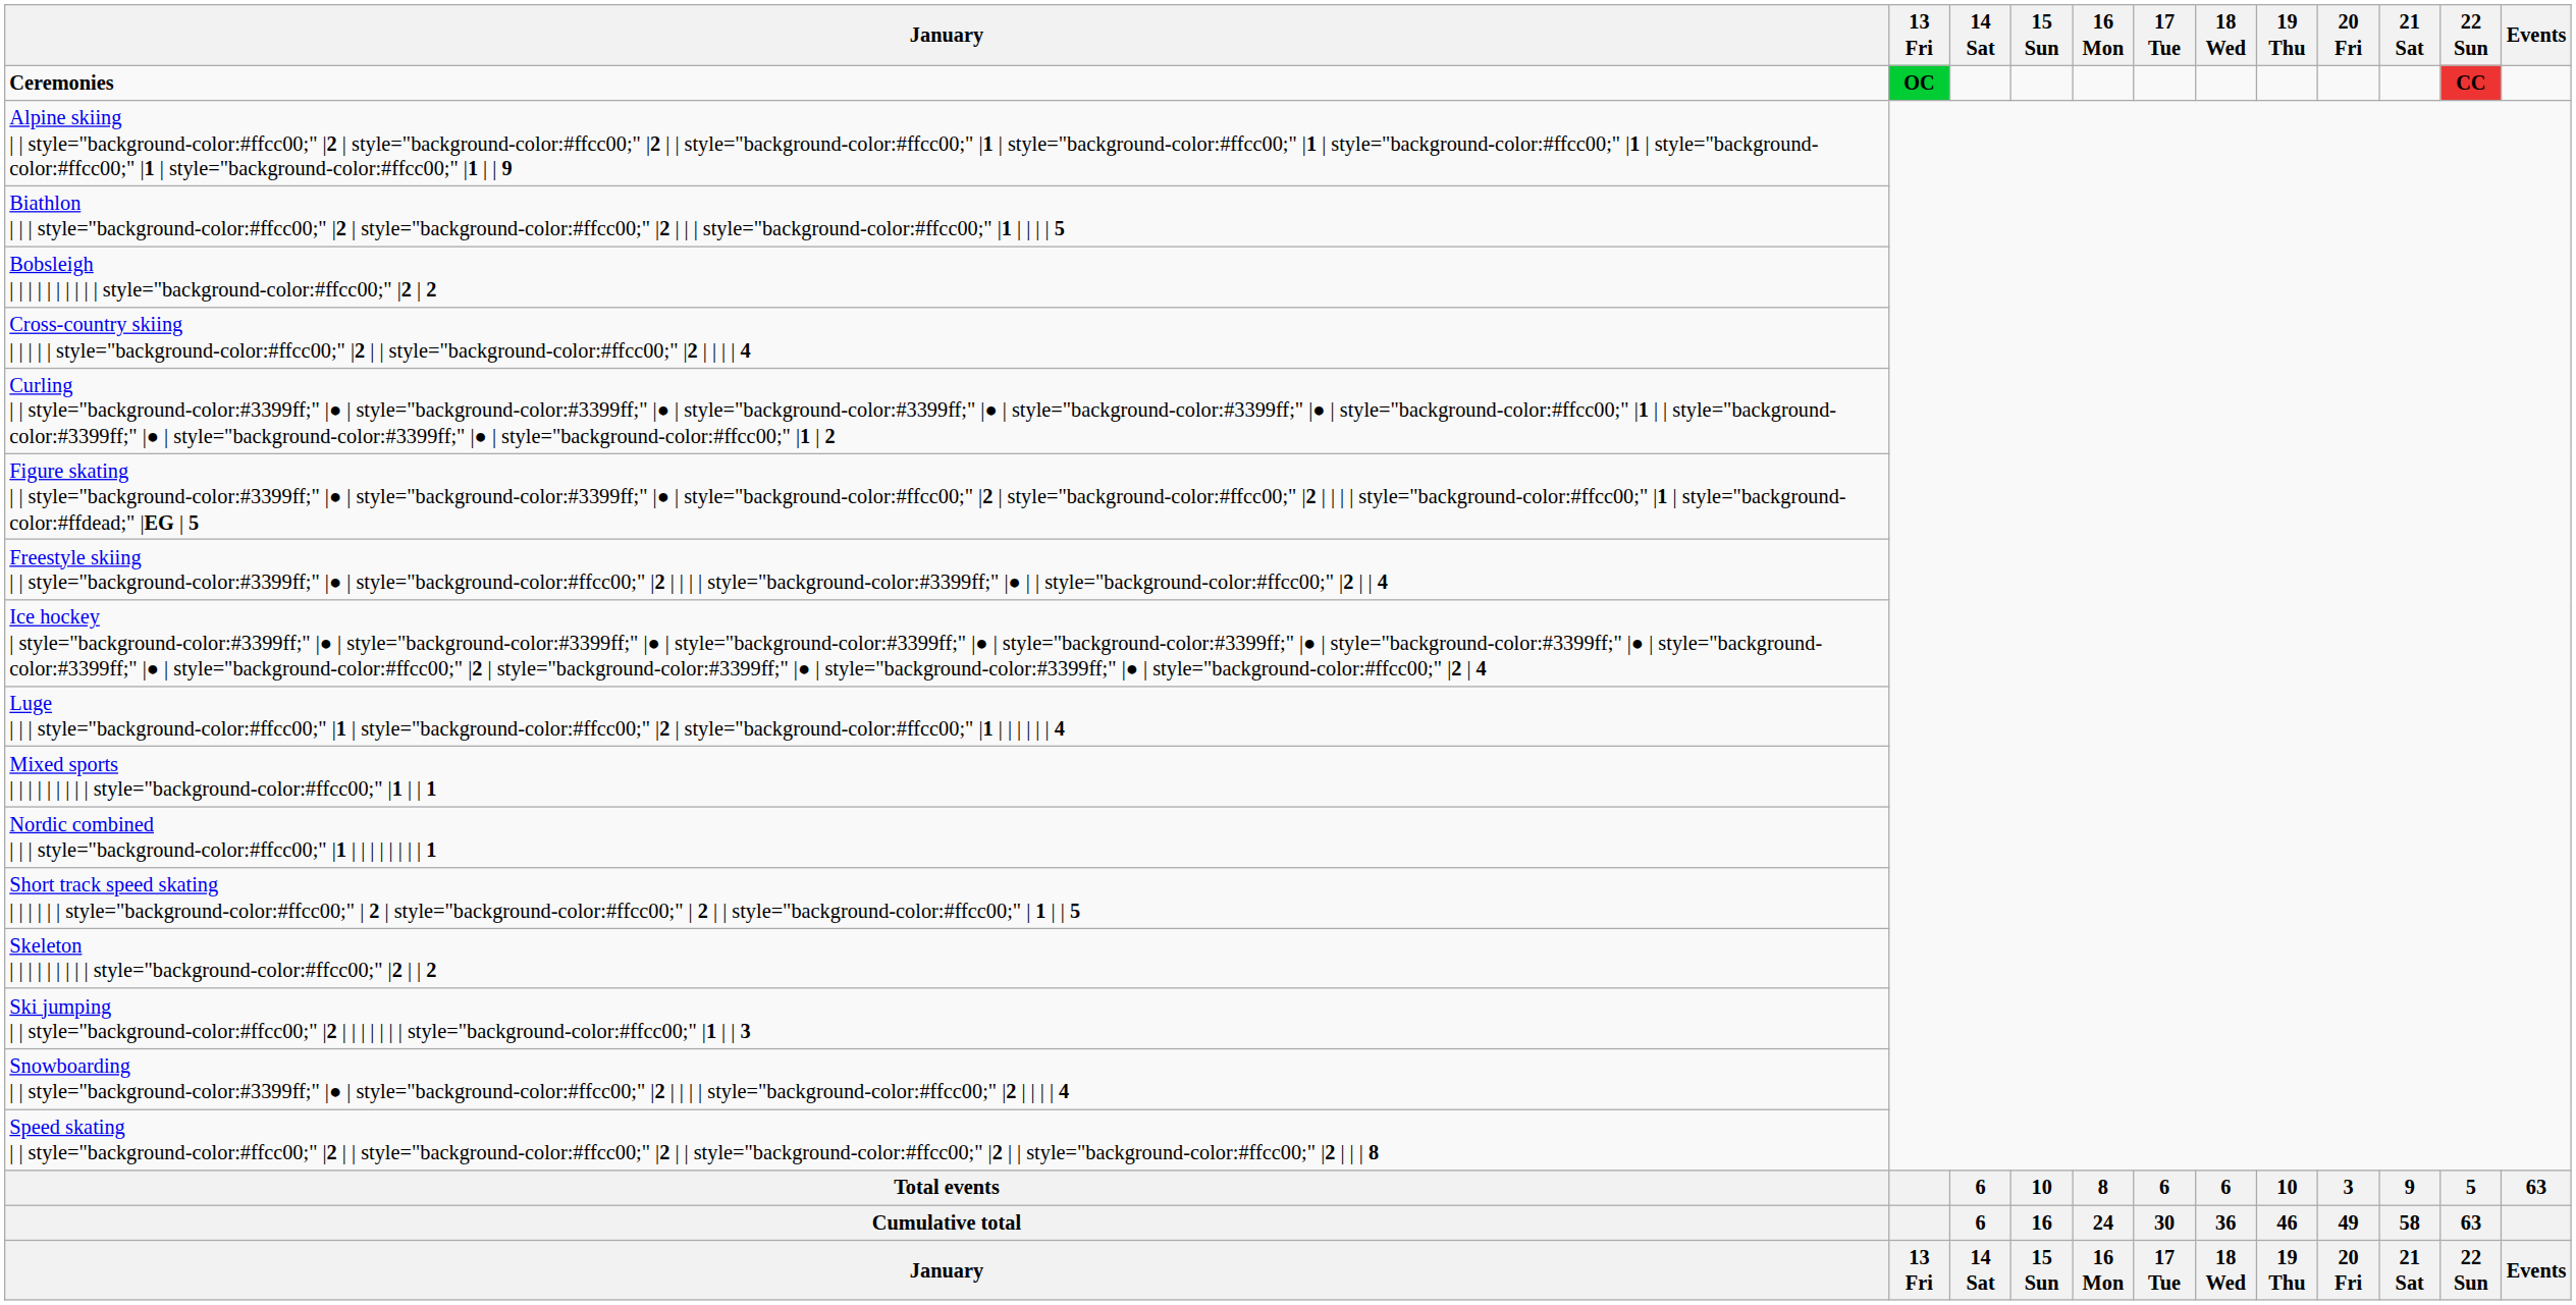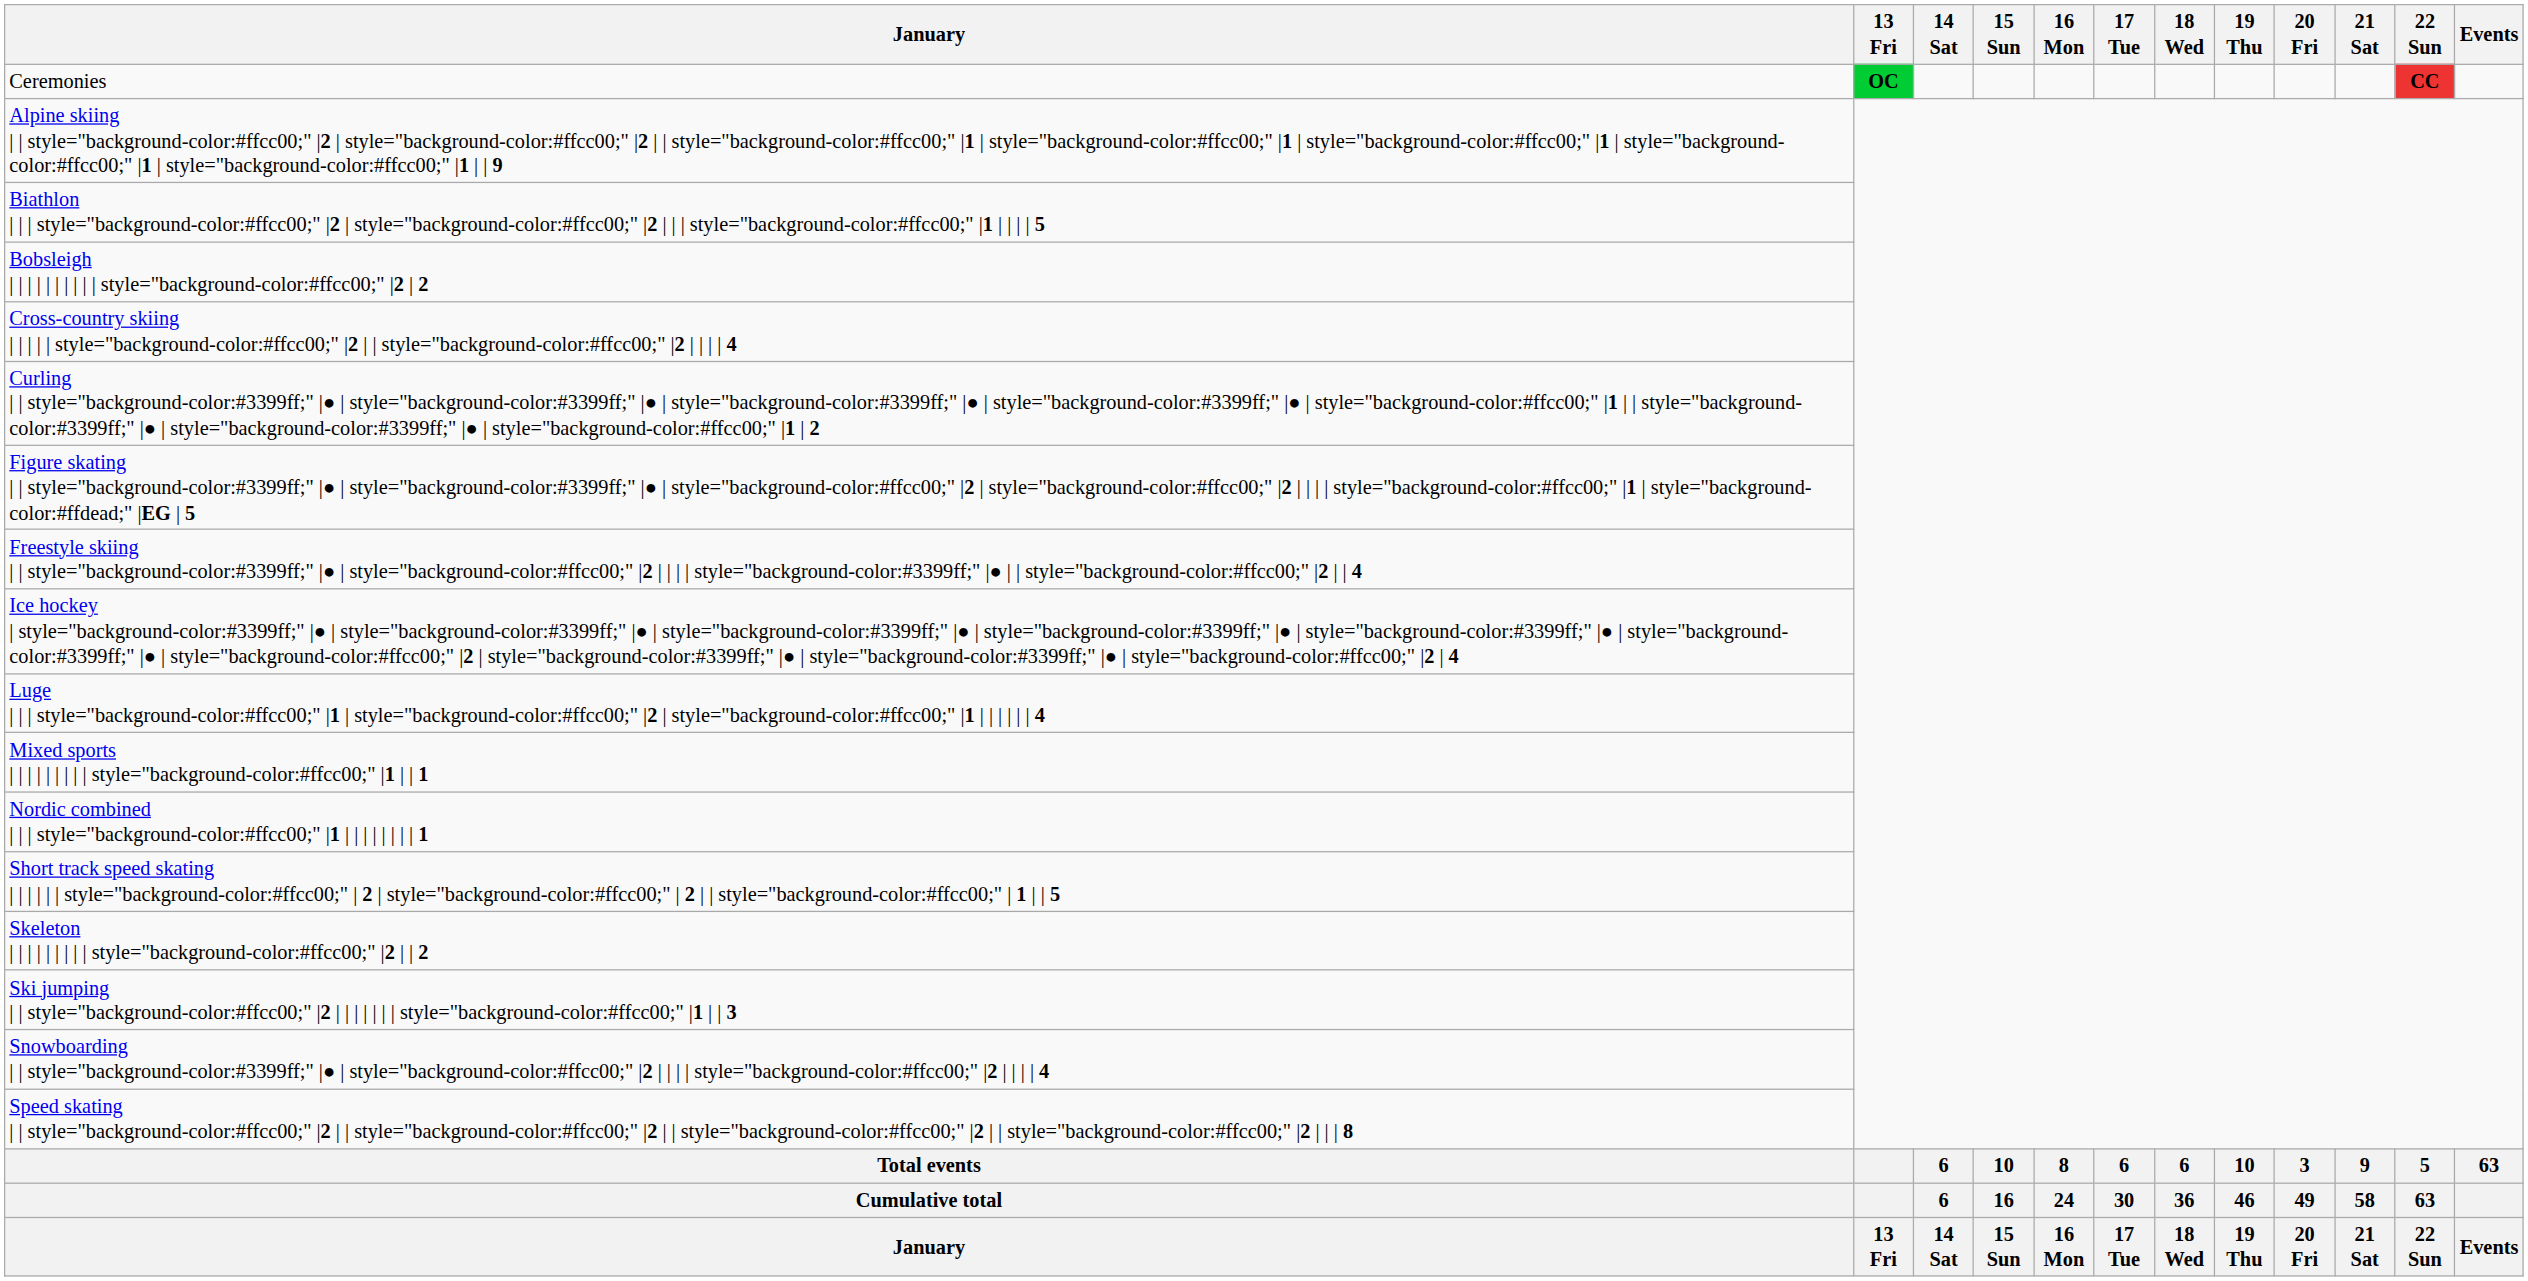 <table class="wikitable" style="margin:0.5em auto; line-height:1.23em;">
 <tr>
 <th>January</th>
 <th style="width:2.5em">13<br>Fri</th>
 <th style="width:2.5em">14<br>Sat</th>
 <th style="width:2.5em">15<br>Sun</th>
 <th style="width:2.5em">16<br>Mon</th>
 <th style="width:2.5em">17<br>Tue</th>
 <th style="width:2.5em">18<br>Wed</th>
 <th style="width:2.5em">19<br>Thu</th>
 <th style="width:2.5em">20<br>Fri</th>
 <th style="width:2.5em">21<br>Sat</th>
 <th style="width:2.5em">22<br>Sun</th>
 <th>Events</th>
 </tr>
 <tr>
-<td><strong> Ceremonies</strong></td>
+<td> Ceremonies</td>
 <td style="background:#0c3; text-align:center;"><strong>OC</strong></td>
 <td></td>
 <td></td>
 <td></td>
 <td></td>
 <td></td>
 <td></td>
 <td></td>
 <td></td>
 <td style="background:#e33; text-align:center;"><strong>CC</strong></td>
 <td></td>
 </tr>
 <tr style="text-align:center;">
 <td style="text-align:left;"> <a href='#'>Alpine skiing</a><br>|  | style="background-color:#ffcc00;" |<strong>2</strong> | style="background-color:#ffcc00;" |<strong>2</strong> |  | style="background-color:#ffcc00;" |<strong>1</strong> | style="background-color:#ffcc00;" |<strong>1</strong> | style="background-color:#ffcc00;" |<strong>1</strong> | style="background-color:#ffcc00;" |<strong>1</strong> | style="background-color:#ffcc00;" |<strong>1</strong> |  | <strong>9</strong></td>
 </tr>
 <tr style="text-align:center;">
 <td style="text-align:left;"> <a href='#'>Biathlon</a><br>|  |  | style="background-color:#ffcc00;" |<strong>2</strong> | style="background-color:#ffcc00;" |<strong>2</strong> |  |  | style="background-color:#ffcc00;" |<strong>1</strong> |  |  |  | <strong>5</strong></td>
 </tr>
 <tr style="text-align:center;">
 <td style="text-align:left;"> <a href='#'>Bobsleigh</a><br>|  |  |  | |  |  |  |  |   | style="background-color:#ffcc00;" |<strong>2</strong> | <strong>2</strong></td>
 </tr>
 <tr style="text-align:center;">
 <td style="text-align:left;"> <a href='#'>Cross-country skiing</a><br>|  |  | |  | style="background-color:#ffcc00;" |<strong>2</strong> |  | style="background-color:#ffcc00;" |<strong>2</strong> |  | |  | <strong>4</strong></td>
 </tr>
 <tr style="text-align:center;">
 <td style="text-align:left;"> <a href='#'>Curling</a><br>|  | style="background-color:#3399ff;" |● | style="background-color:#3399ff;" |● | style="background-color:#3399ff;" |● | style="background-color:#3399ff;" |● | style="background-color:#ffcc00;" |<strong>1</strong> |  | style="background-color:#3399ff;" |● | style="background-color:#3399ff;" |● | style="background-color:#ffcc00;" |<strong>1</strong> | <strong>2</strong></td>
 </tr>
 <tr style="text-align:center;">
 <td style="text-align:left;"> <a href='#'>Figure skating</a><br>|  | style="background-color:#3399ff;" |● | style="background-color:#3399ff;" |● | style="background-color:#ffcc00;" |<strong>2</strong> | style="background-color:#ffcc00;" |<strong>2</strong> |  |  |  | style="background-color:#ffcc00;" |<strong>1</strong>  | style="background-color:#ffdead;" |<strong>EG</strong> | <strong>5</strong></td>
 </tr>
 <tr style="text-align:center;">
 <td style="text-align:left;"> <a href='#'>Freestyle skiing</a><br>|  | style="background-color:#3399ff;" |● | style="background-color:#ffcc00;" |<strong>2</strong> |  |  |  | style="background-color:#3399ff;" |●  |  | style="background-color:#ffcc00;" |<strong>2</strong> |  | <strong>4</strong></td>
 </tr>
 <tr style="text-align:center;">
 <td style="text-align:left;"> <a href='#'>Ice hockey</a><br>| style="background-color:#3399ff;" |●  | style="background-color:#3399ff;" |●  | style="background-color:#3399ff;" |●  | style="background-color:#3399ff;" |●  | style="background-color:#3399ff;" |●  | style="background-color:#3399ff;" |●  | style="background-color:#ffcc00;" |<strong>2</strong> | style="background-color:#3399ff;" |●  | style="background-color:#3399ff;" |●  | style="background-color:#ffcc00;" |<strong>2</strong> | <strong>4</strong></td>
 </tr>
 <tr style="text-align:center;">
 <td style="text-align:left;"> <a href='#'>Luge</a><br>|  |  | style="background-color:#ffcc00;" |<strong>1</strong>  | style="background-color:#ffcc00;" |<strong>2</strong>   | style="background-color:#ffcc00;" |<strong>1</strong>   |  |  |  | |  | <strong>4</strong></td>
 </tr>
 <tr style="text-align:center;">
 <td style="text-align:left;">  <a href='#'>Mixed sports</a><br>|  |  |  |  |  |  |  |  | style="background-color:#ffcc00;" |<strong>1</strong> |  | <strong>1</strong></td>
 </tr>
 <tr style="text-align:center;">
 <td style="text-align:left;"> <a href='#'>Nordic combined</a><br>|  |  | style="background-color:#ffcc00;" |<strong>1</strong>  |  |  |  |  |  |   |  | <strong>1</strong></td>
 </tr>
 <tr style="text-align:center;">
 <td style="text-align:left;"> <a href='#'>Short track speed skating</a><br>|  |  |  |  |  | style="background-color:#ffcc00;" | <strong>2</strong> | style="background-color:#ffcc00;" | <strong>2</strong> |  | style="background-color:#ffcc00;" | <strong>1</strong> |  | <strong>5</strong></td>
 </tr>
 <tr style="text-align:center;">
 <td style="text-align:left;"> <a href='#'>Skeleton</a><br>|  |  |  |  |  |  |  |  | style="background-color:#ffcc00;" |<strong>2</strong> |  | <strong>2</strong></td>
 </tr>
 <tr style="text-align:center;">
 <td style="text-align:left;"> <a href='#'>Ski jumping</a><br>|  | style="background-color:#ffcc00;" |<strong>2</strong> |  |  |  |  |  |  | style="background-color:#ffcc00;" |<strong>1</strong>  |  | <strong>3</strong></td>
 </tr>
 <tr style="text-align:center;">
 <td style="text-align:left;"> <a href='#'>Snowboarding</a><br>|  | style="background-color:#3399ff;" |● | style="background-color:#ffcc00;" |<strong>2</strong> |  |  |  | style="background-color:#ffcc00;" |<strong>2</strong> |  |   |  | <strong>4</strong></td>
 </tr>
 <tr style="text-align:center;">
 <td style="text-align:left;"> <a href='#'>Speed skating</a><br>|  | style="background-color:#ffcc00;" |<strong>2</strong> |  | style="background-color:#ffcc00;" |<strong>2</strong> |  | style="background-color:#ffcc00;" |<strong>2</strong> |  | style="background-color:#ffcc00;" |<strong>2</strong> |   |  | <strong>8</strong></td>
 </tr>
 <tr>
 <th>Total events</th>
 <th></th>
 <th>6</th>
 <th>10</th>
 <th>8</th>
 <th>6</th>
 <th>6</th>
 <th>10</th>
 <th>3</th>
 <th>9</th>
 <th>5</th>
 <th>63</th>
 </tr>
 <tr>
 <th>Cumulative total</th>
 <th></th>
 <th>6</th>
 <th>16</th>
 <th>24</th>
 <th>30</th>
 <th>36</th>
 <th>46</th>
 <th>49</th>
 <th>58</th>
 <th>63</th>
 <th></th>
 </tr>
 <tr>
 <th>January</th>
 <th>13<br>Fri</th>
 <th>14<br>Sat</th>
 <th>15<br>Sun</th>
 <th>16<br>Mon</th>
 <th>17<br>Tue</th>
 <th>18<br>Wed</th>
 <th>19<br>Thu</th>
 <th>20<br>Fri</th>
 <th>21<br>Sat</th>
 <th>22<br>Sun</th>
 <th>Events</th>
 </tr>
 </table>
